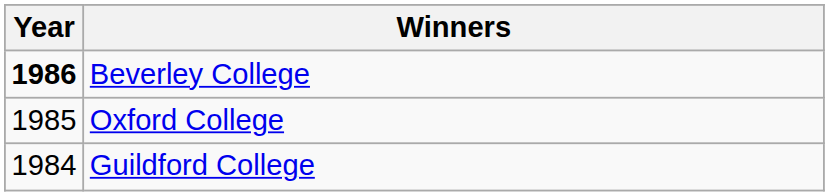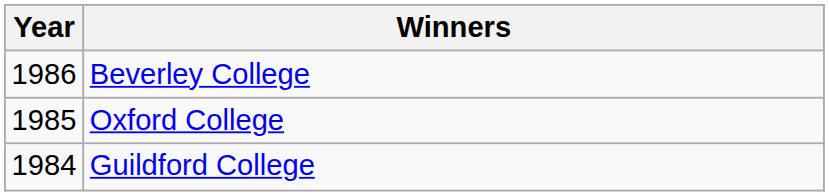 <table class="wikitable">
 <tr style="background:#efefef;">
 <th>Year</th>
 <th align="center" style="width: 25em">Winners</th>
 </tr>
 <tr>
-<td align="center"><strong>1986</strong></td>
+<td align="center">1986</td>
 <td> <a href='#'>Beverley College</a></td>
 </tr>
 <tr>
 <td align="center">1985</td>
 <td> <a href='#'>Oxford College</a></td>
 </tr>
 <tr>
 <td align="center">1984</td>
 <td> <a href='#'>Guildford College</a></td>
 </tr>
 </table>
